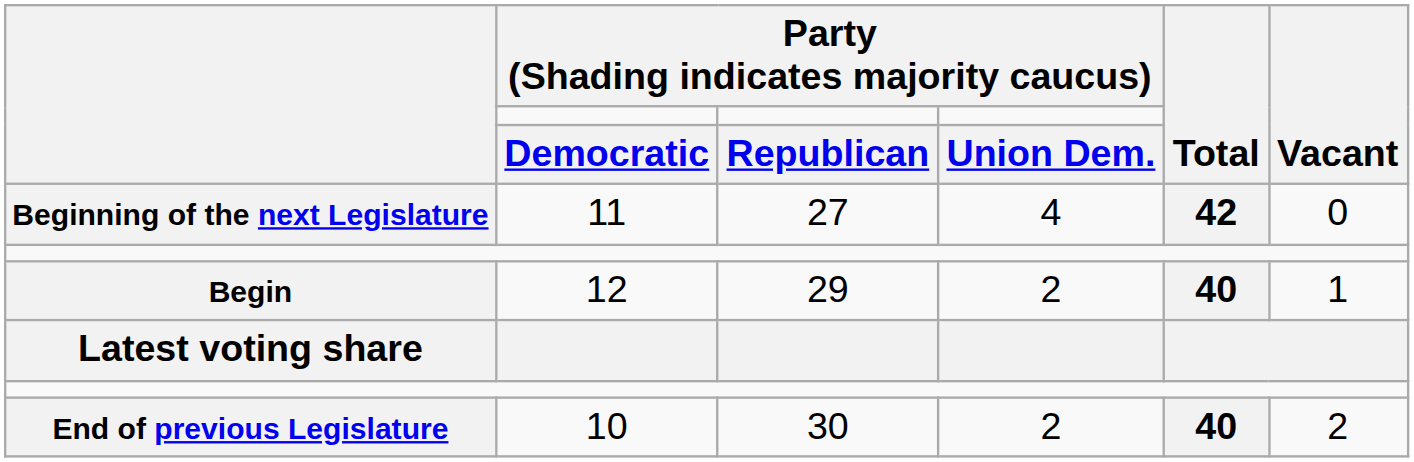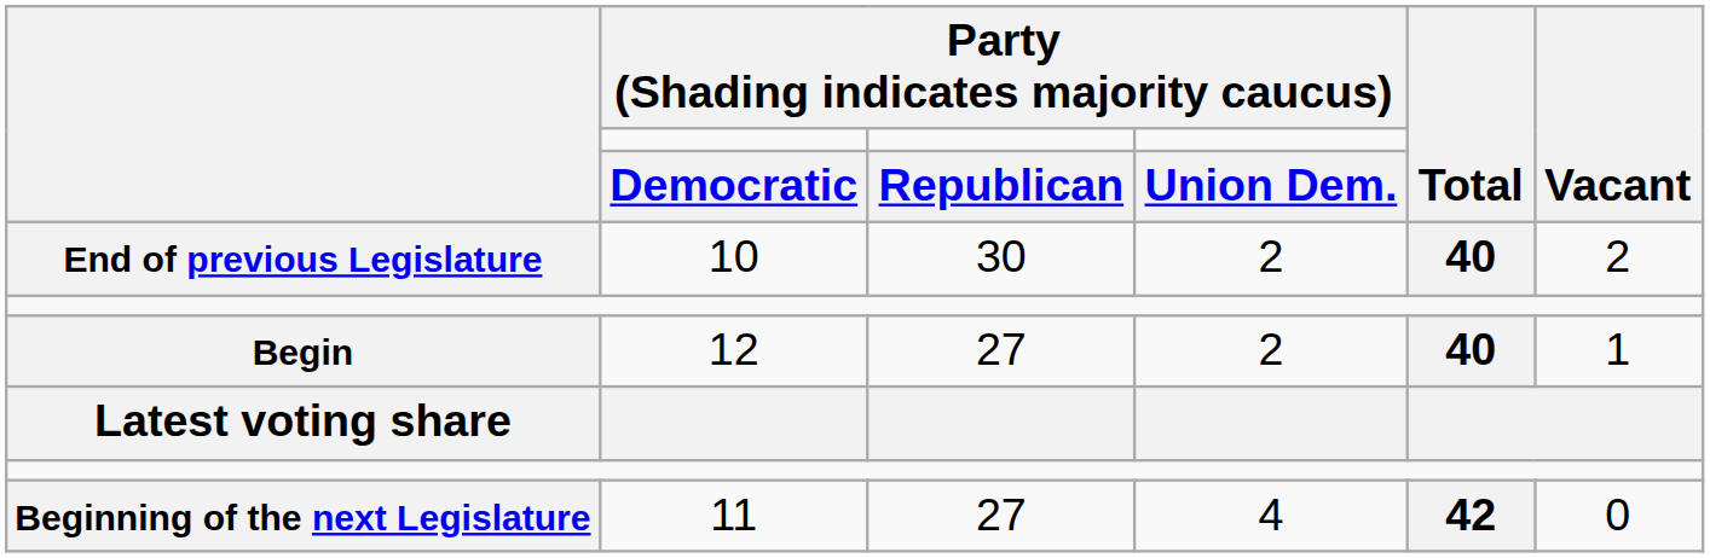 <table class=wikitable style="text-align:center">
 <tr style="vertical-align:bottom;">
 <th rowspan=3></th>
 <th colspan=3>Party <div>(Shading indicates majority caucus)</div></th>
 <th rowspan=3>Total</th>
 <th rowspan=3>Vacant</th>
 </tr>
 <tr style="height:5px">
 <td style="background-color:"></td>
 <td style="background-color:"></td>
 <td style="background-color:"></td>
 </tr>
 <tr>
 <th><a href='#'>Democratic</a></th>
 <th><a href='#'>Republican</a></th>
 <th><a href='#'>Union Dem.</a></th>
 </tr>
 <tr>
-<th style="white-space:nowrap; font-size:80%;">Beginning of the <a href='#'>next Legislature</a></th>
-<td>11</td>
-<td>27</td>
-<td>4</td>
-<th>42</th>
-<td>0</td>
+<th style="white-space:nowrap; font-size:80%;">End of <a href='#'>previous Legislature</a></th>
+<td>10</td>
+<td>30</td>
+<td>2</td>
+<th>40</th>
+<td>2</td>
 </tr>
 <tr>
 <td colspan=6></td>
 </tr>
 <tr>
 <th style="font-size:80%">Begin</th>
 <td>12</td>
-<td>29</td>
+<td>27</td>
 <td>2</td>
 <th>40</th>
 <td>1</td>
 </tr>
 <tr>
 <th>Latest voting share</th>
 <th></th>
 <th></th>
 <th></th>
 <th colspan=2></th>
 </tr>
 <tr>
 <td colspan=6></td>
 </tr>
 <tr>
-<th style="white-space:nowrap; font-size:80%;">End of <a href='#'>previous Legislature</a></th>
-<td>10</td>
-<td>30</td>
-<td>2</td>
-<th>40</th>
-<td>2</td>
+<th style="white-space:nowrap; font-size:80%;">Beginning of the <a href='#'>next Legislature</a></th>
+<td>11</td>
+<td>27</td>
+<td>4</td>
+<th>42</th>
+<td>0</td>
 </tr>
 </table>
